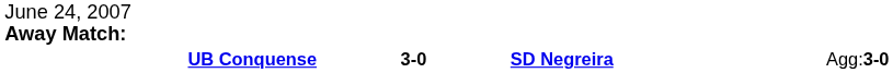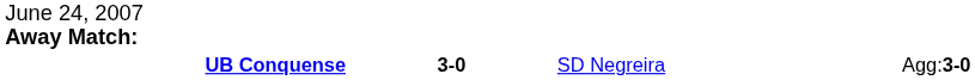 <table width=100% cellspacing=1>
 <tr>
 <th width=20%></th>
 <th width=12%></th>
 <th width=20%></th>
 <th></th>
 </tr>
 <tr>
 <td>June 24, 2007<br><strong>Away Match:</strong></td>
 </tr>
 <tr style=font-size:90%>
 <td align=right><strong><a href='#'>UB Conquense</a></strong></td>
 <td align=center><strong>3-0</strong></td>
-<td><strong><a href='#'>SD Negreira</a></strong></td>
+<td><a href='#'>SD Negreira</a></td>
 <td>Agg:<strong>3-0</strong></td>
 </tr>
 </table>
